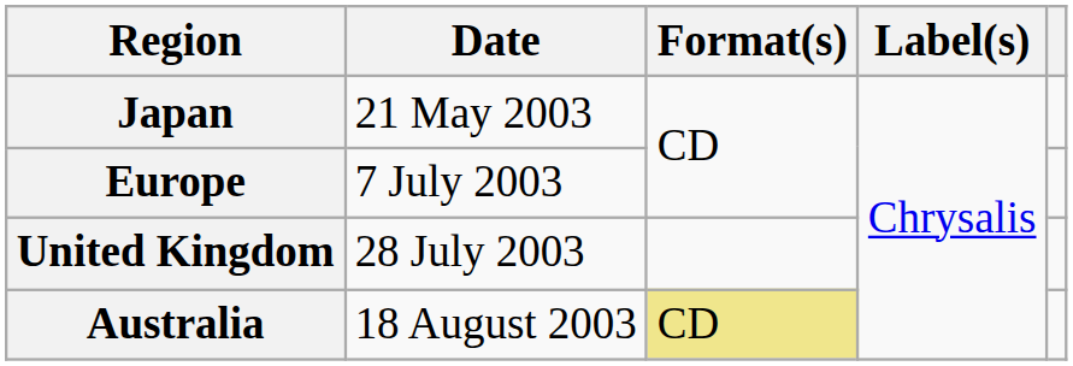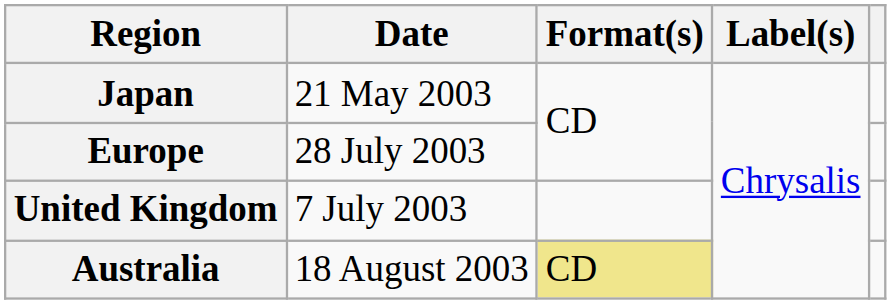 <table class="wikitable plainrowheaders">
 <tr>
 <th scope="col">Region</th>
 <th scope="col">Date</th>
 <th scope="col">Format(s)</th>
 <th scope="col">Label(s)</th>
 <th scope="col"></th>
 </tr>
 <tr>
 <th scope="row">Japan</th>
 <td>21 May 2003</td>
 <td rowspan="2">CD</td>
 <td rowspan="4"><a href='#'>Chrysalis</a></td>
 <td></td>
 </tr>
 <tr>
 <th scope="row">Europe</th>
-<td>7 July 2003</td>
+<td>28 July 2003</td>
 <td></td>
 </tr>
 <tr>
 <th scope="row">United Kingdom</th>
-<td>28 July 2003</td>
+<td>7 July 2003</td>
 <td></td>
 <td></td>
 </tr>
 <tr>
 <th scope="row">Australia</th>
 <td>18 August 2003</td>
 <td style="background: khaki;">CD</td>
 <td></td>
 </tr>
 </table>
